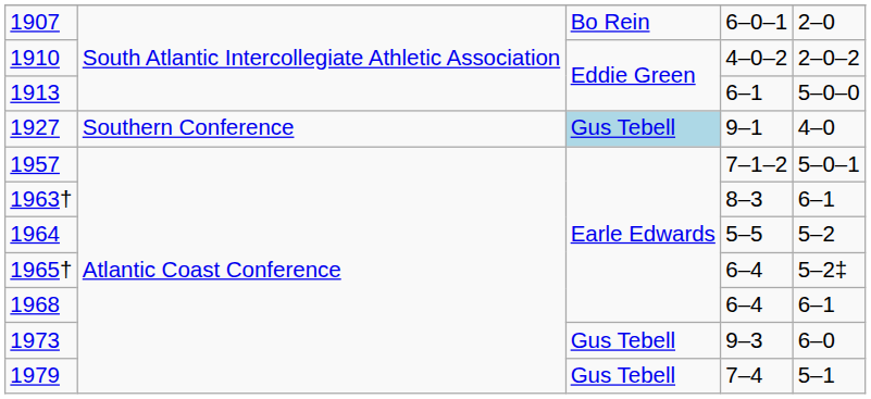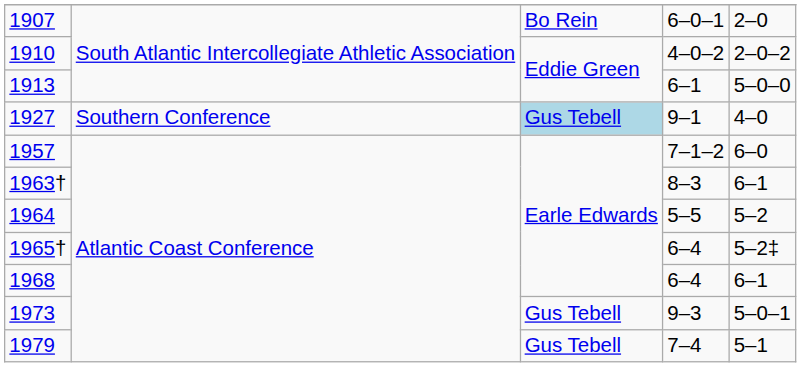 <table class="wikitable">
 <tr>
 </tr>
 <tr>
 <td><a href='#'>1907</a></td>
 <td rowspan="3"><a href='#'>South Atlantic Intercollegiate Athletic Association</a></td>
 <td><a href='#'>Bo Rein</a></td>
 <td>6–0–1</td>
 <td>2–0</td>
 </tr>
 <tr>
 <td><a href='#'>1910</a></td>
 <td rowspan="2"><a href='#'>Eddie Green</a></td>
 <td>4–0–2</td>
 <td>2–0–2</td>
 </tr>
 <tr>
 <td><a href='#'>1913</a></td>
 <td>6–1</td>
 <td>5–0–0</td>
 </tr>
 <tr>
 <td><a href='#'>1927</a></td>
 <td><a href='#'>Southern Conference</a></td>
 <td style="background: lightblue;"><a href='#'>Gus Tebell</a></td>
 <td>9–1</td>
 <td>4–0</td>
 </tr>
 <tr>
 <td><a href='#'>1957</a></td>
 <td rowspan="7"><a href='#'>Atlantic Coast Conference</a></td>
 <td rowspan="5"><a href='#'>Earle Edwards</a></td>
 <td>7–1–2</td>
-<td>5–0–1</td>
+<td>6–0</td>
 </tr>
 <tr>
 <td><a href='#'>1963</a>†</td>
 <td>8–3</td>
 <td>6–1</td>
 </tr>
 <tr>
 <td><a href='#'>1964</a></td>
 <td>5–5</td>
 <td>5–2</td>
 </tr>
 <tr>
 <td><a href='#'>1965</a>†</td>
 <td>6–4</td>
 <td>5–2‡</td>
 </tr>
 <tr>
 <td><a href='#'>1968</a></td>
 <td>6–4</td>
 <td>6–1</td>
 </tr>
 <tr>
 <td><a href='#'>1973</a></td>
 <td><a href='#'>Gus Tebell</a></td>
 <td>9–3</td>
-<td>6–0</td>
+<td>5–0–1</td>
 </tr>
 <tr>
 <td><a href='#'>1979</a></td>
 <td><a href='#'>Gus Tebell</a></td>
 <td>7–4</td>
 <td>5–1</td>
 </tr>
 </table>
